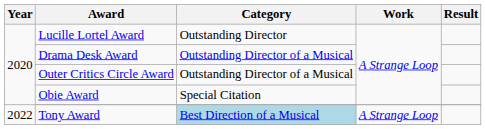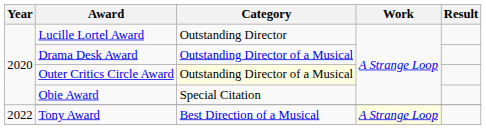 <table class="wikitable">
 <tr>
 <th>Year</th>
 <th>Award</th>
 <th>Category</th>
 <th>Work</th>
 <th>Result</th>
 </tr>
 <tr>
 <td rowspan="4">2020</td>
 <td><a href='#'>Lucille Lortel Award</a></td>
 <td>Outstanding Director</td>
 <td rowspan="4"><em><a href='#'>A Strange Loop</a></em></td>
 <td></td>
 </tr>
 <tr>
 <td><a href='#'>Drama Desk Award</a></td>
 <td><a href='#'>Outstanding Director of a Musical</a></td>
 <td></td>
 </tr>
 <tr>
 <td><a href='#'>Outer Critics Circle Award</a></td>
-<td>Outstanding Director of a Musical</td>
+<td style="background: lightyellow;">Outstanding Director of a Musical</td>
 <td></td>
 </tr>
 <tr>
 <td><a href='#'>Obie Award</a></td>
 <td>Special Citation</td>
 <td></td>
 </tr>
 <tr>
 <td rowspan="4">2022</td>
 </tr>
 <tr>
 <td><a href='#'>Tony Award</a></td>
-<td style="background: lightblue;"><a href='#'>Best Direction of a Musical</a></td>
-<td><em><a href='#'>A Strange Loop</a></em></td>
+<td><a href='#'>Best Direction of a Musical</a></td>
+<td style="background: lightyellow;"><em><a href='#'>A Strange Loop</a></em></td>
 <td></td>
 </tr>
 </table>
